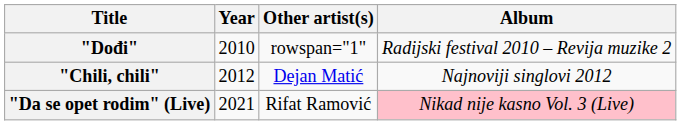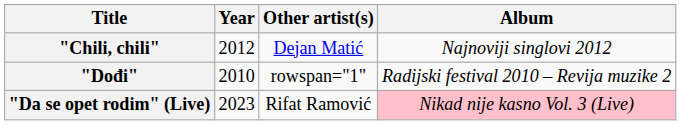 <table class="wikitable plainrowheaders" style="text-align:center;">
 <tr>
 <th>Title</th>
 <th>Year</th>
 <th>Other artist(s)</th>
 <th>Album</th>
 </tr>
 <tr>
+<th scope="row">"Chili, chili"</th>
+<td rowspan="1">2012</td>
+<td rowspan="1"><a href='#'>Dejan Matić</a></td>
+<td rowspan="1"><em>Najnoviji singlovi 2012</em></td>
+</tr>
+<tr>
 <th scope="row">"Dođi"</th>
 <td rowspan="1">2010</td>
 <td>rowspan="1" </td>
 <td rowspan="1"><em>Radijski festival 2010 – Revija muzike 2</em></td>
 </tr>
 <tr>
-<th scope="row">"Chili, chili"</th>
-<td rowspan="1">2012</td>
-<td rowspan="1"><a href='#'>Dejan Matić</a></td>
-<td rowspan="1"><em>Najnoviji singlovi 2012</em></td>
-</tr>
-<tr>
 <th scope="row">"Da se opet rodim" (Live)</th>
-<td rowspan="1">2021</td>
+<td rowspan="1">2023</td>
 <td rowspan="1">Rifat Ramović</td>
 <td rowspan="1" style="background: pink;"><em>Nikad nije kasno Vol. 3 (Live)</em></td>
 </tr>
 </table>
